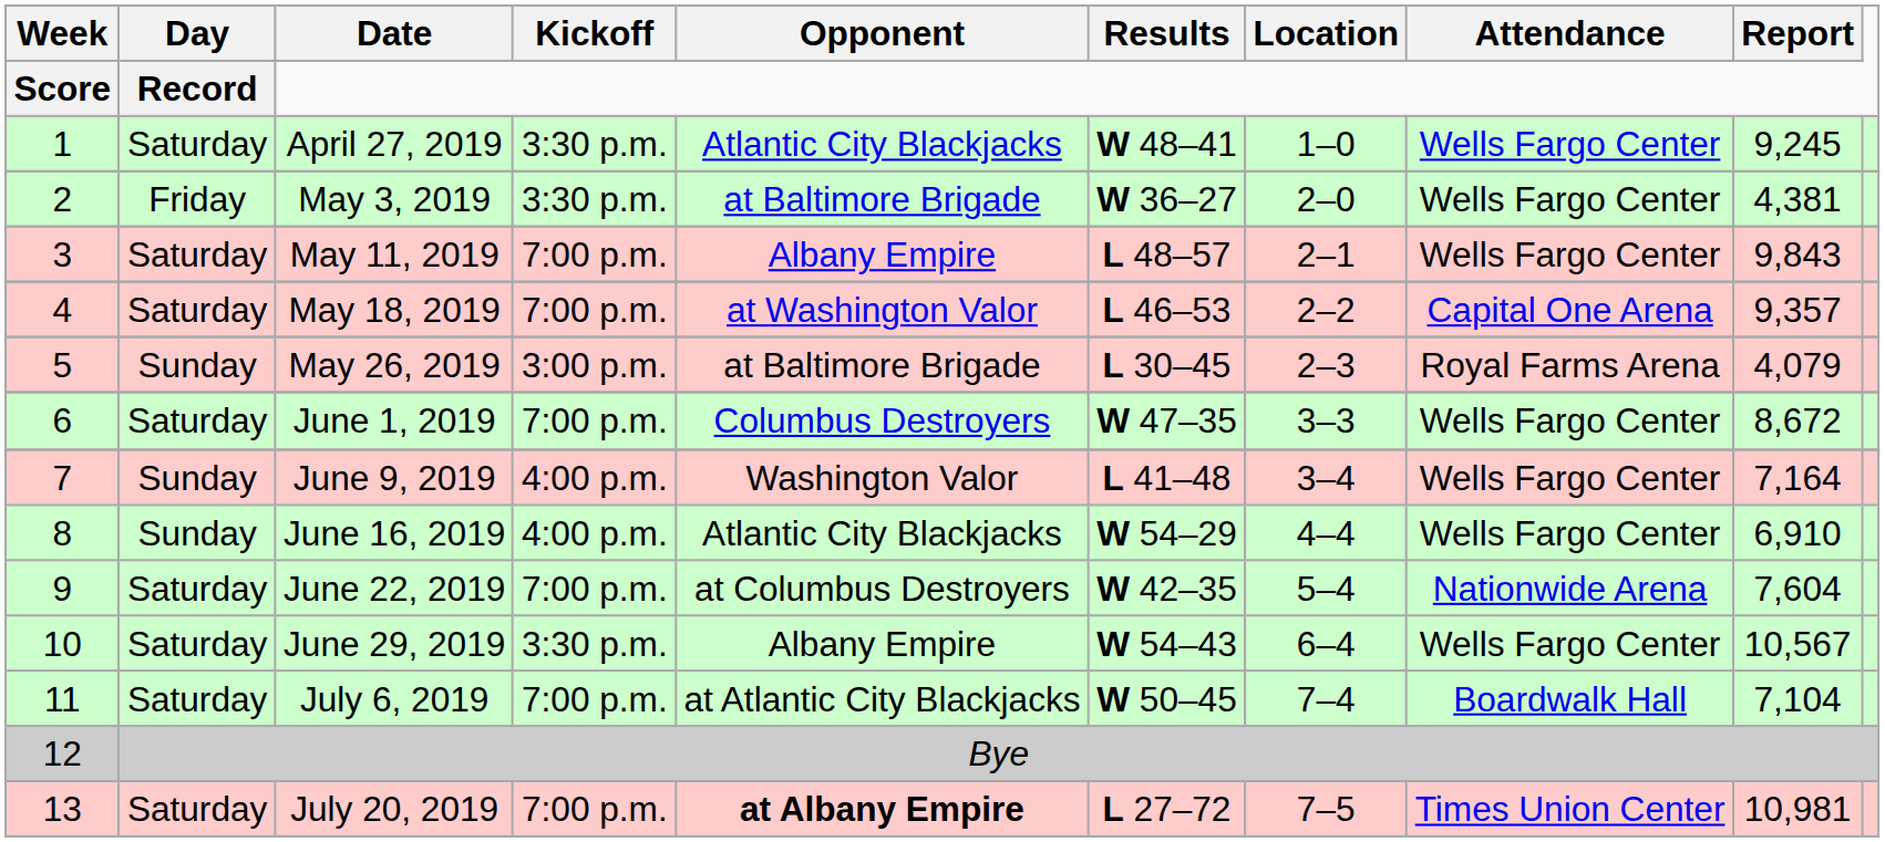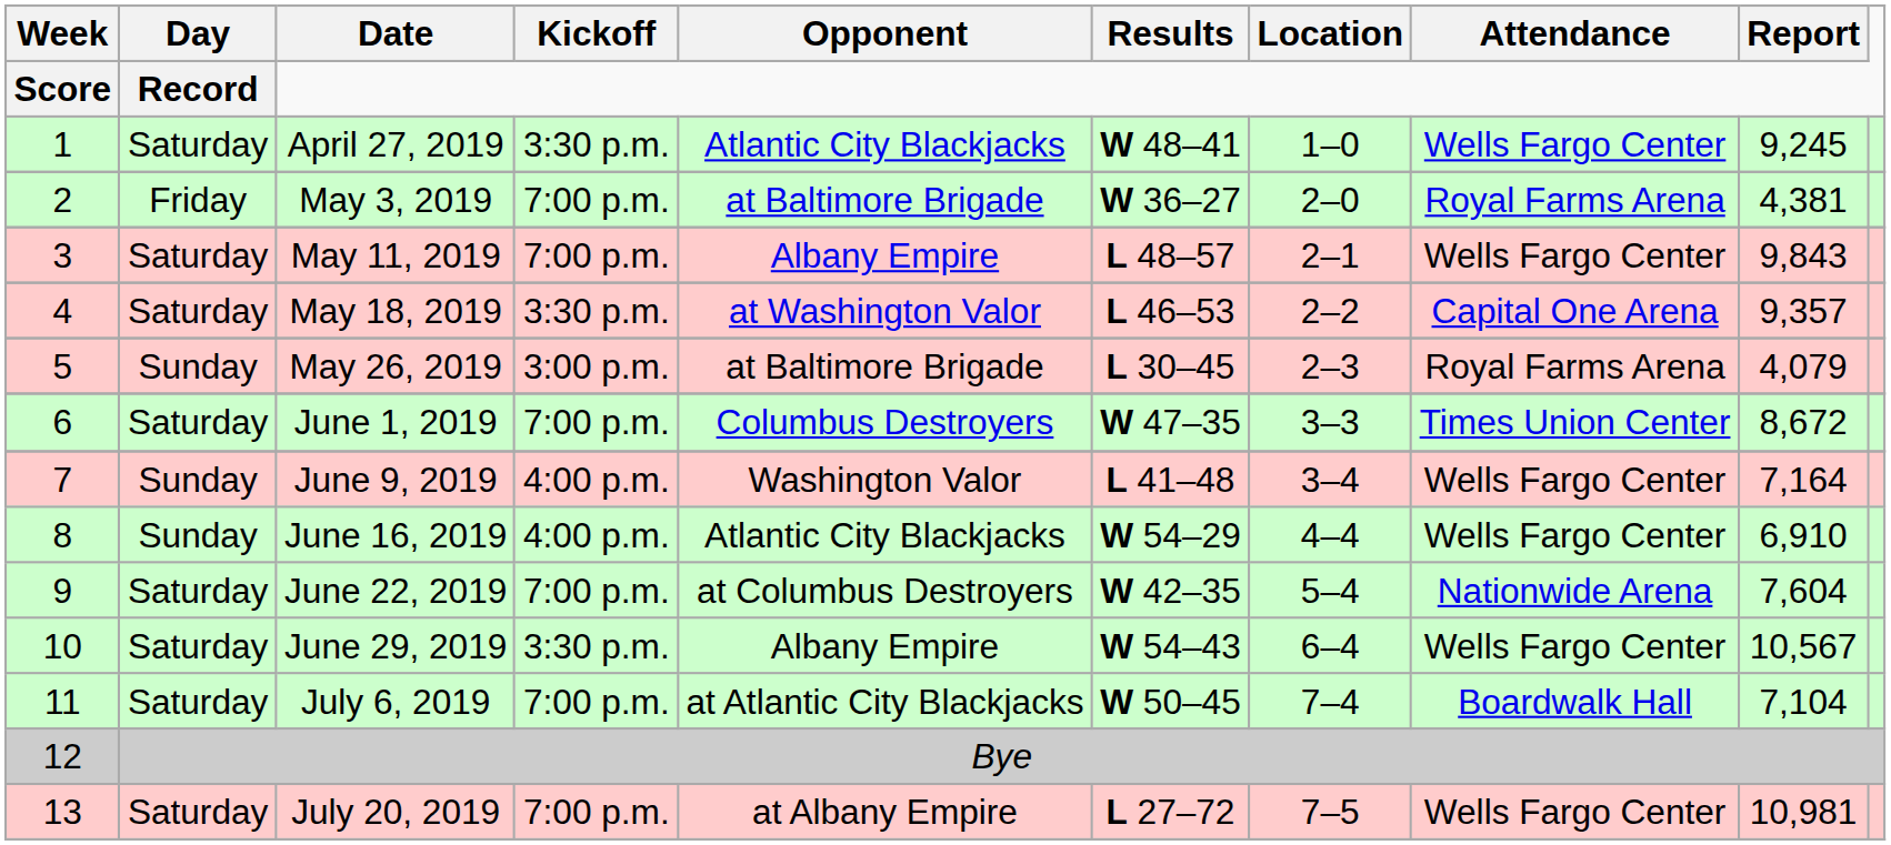 <table class="wikitable" style="text-align:center; font-size: 95%;">
 <tr>
 <th>Week</th>
 <th>Day</th>
 <th>Date</th>
 <th>Kickoff</th>
 <th>Opponent</th>
 <th>Results</th>
 <th>Location</th>
 <th>Attendance</th>
 <th>Report</th>
 </tr>
 <tr>
 <th>Score</th>
 <th>Record</th>
 </tr>
 <tr bgcolor=#ccffcc>
 <td>1</td>
 <td>Saturday</td>
 <td>April 27, 2019</td>
 <td>3:30 p.m.</td>
 <td><a href='#'>Atlantic City Blackjacks</a></td>
 <td><strong>W</strong> 48–41</td>
 <td>1–0</td>
 <td><a href='#'>Wells Fargo Center</a></td>
 <td>9,245</td>
 <td></td>
 </tr>
 <tr>
 </tr>
 <tr bgcolor=#ccffcc>
 <td>2</td>
 <td>Friday</td>
 <td>May 3, 2019</td>
-<td>3:30 p.m.</td>
+<td>7:00 p.m.</td>
 <td><a href='#'>at Baltimore Brigade</a></td>
 <td><strong>W</strong> 36–27</td>
 <td>2–0</td>
-<td>Wells Fargo Center</td>
+<td><a href='#'>Royal Farms Arena</a></td>
 <td>4,381</td>
 <td></td>
 </tr>
 <tr>
 </tr>
 <tr bgcolor=#ffcccc>
 <td>3</td>
 <td>Saturday</td>
 <td>May 11, 2019</td>
 <td>7:00 p.m.</td>
 <td><a href='#'>Albany Empire</a></td>
 <td><strong>L</strong> 48–57</td>
 <td>2–1</td>
 <td>Wells Fargo Center</td>
 <td>9,843</td>
 <td></td>
 </tr>
 <tr>
 </tr>
 <tr bgcolor=#ffcccc>
 <td>4</td>
 <td>Saturday</td>
 <td>May 18, 2019</td>
-<td>7:00 p.m.</td>
+<td>3:30 p.m.</td>
 <td><a href='#'>at Washington Valor</a></td>
 <td><strong>L</strong> 46–53</td>
 <td>2–2</td>
 <td><a href='#'>Capital One Arena</a></td>
 <td>9,357</td>
 <td></td>
 </tr>
 <tr>
 </tr>
 <tr bgcolor=#ffcccc>
 <td>5</td>
 <td>Sunday</td>
 <td>May 26, 2019</td>
 <td>3:00 p.m.</td>
 <td>at Baltimore Brigade</td>
 <td><strong>L</strong> 30–45</td>
 <td>2–3</td>
 <td>Royal Farms Arena</td>
 <td>4,079</td>
 <td></td>
 </tr>
 <tr>
 </tr>
 <tr bgcolor=#ccffcc>
 <td>6</td>
 <td>Saturday</td>
 <td>June 1, 2019</td>
 <td>7:00 p.m.</td>
 <td><a href='#'>Columbus Destroyers</a></td>
 <td><strong>W</strong> 47–35</td>
 <td>3–3</td>
-<td>Wells Fargo Center</td>
+<td><a href='#'>Times Union Center</a></td>
 <td>8,672</td>
 <td></td>
 </tr>
 <tr>
 </tr>
 <tr bgcolor=#ffcccc>
 <td>7</td>
 <td>Sunday</td>
 <td>June 9, 2019</td>
 <td>4:00 p.m.</td>
 <td>Washington Valor</td>
 <td><strong>L</strong> 41–48</td>
 <td>3–4</td>
 <td>Wells Fargo Center</td>
 <td>7,164</td>
 <td></td>
 </tr>
 <tr bgcolor=#ccffcc>
 <td>8</td>
 <td>Sunday</td>
 <td>June 16, 2019</td>
 <td>4:00 p.m.</td>
 <td>Atlantic City Blackjacks</td>
 <td><strong>W</strong> 54–29</td>
 <td>4–4</td>
 <td>Wells Fargo Center</td>
 <td>6,910</td>
 <td></td>
 </tr>
 <tr bgcolor=#ccffcc>
 <td>9</td>
 <td>Saturday</td>
 <td>June 22, 2019</td>
 <td>7:00 p.m.</td>
 <td>at Columbus Destroyers</td>
 <td><strong>W</strong> 42–35</td>
 <td>5–4</td>
 <td><a href='#'>Nationwide Arena</a></td>
 <td>7,604</td>
 <td></td>
 </tr>
 <tr bgcolor=#ccffcc>
 <td>10</td>
 <td>Saturday</td>
 <td>June 29, 2019</td>
 <td>3:30 p.m.</td>
 <td>Albany Empire</td>
 <td><strong>W</strong> 54–43</td>
 <td>6–4</td>
 <td>Wells Fargo Center</td>
 <td>10,567</td>
 <td></td>
 </tr>
 <tr bgcolor=#ccffcc>
 <td>11</td>
 <td>Saturday</td>
 <td>July 6, 2019</td>
 <td>7:00 p.m.</td>
 <td>at Atlantic City Blackjacks</td>
 <td><strong>W</strong> 50–45</td>
 <td>7–4</td>
 <td><a href='#'>Boardwalk Hall</a></td>
 <td>7,104</td>
 <td></td>
 </tr>
 <tr bgcolor=#CCCCCC>
 <td>12</td>
 <td colspan=9><em>Bye</em></td>
 </tr>
 <tr bgcolor=#ffcccc>
 <td>13</td>
 <td>Saturday</td>
 <td>July 20, 2019</td>
 <td>7:00 p.m.</td>
-<td><strong>at Albany Empire</strong></td>
+<td>at Albany Empire</td>
 <td><strong>L</strong> 27–72</td>
 <td>7–5</td>
-<td><a href='#'>Times Union Center</a></td>
+<td>Wells Fargo Center</td>
 <td>10,981</td>
 <td></td>
 </tr>
 <tr>
 </tr>
 </table>
